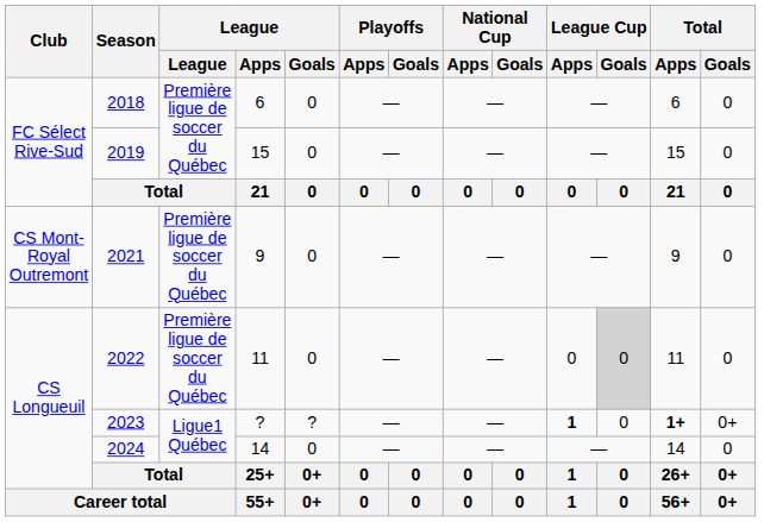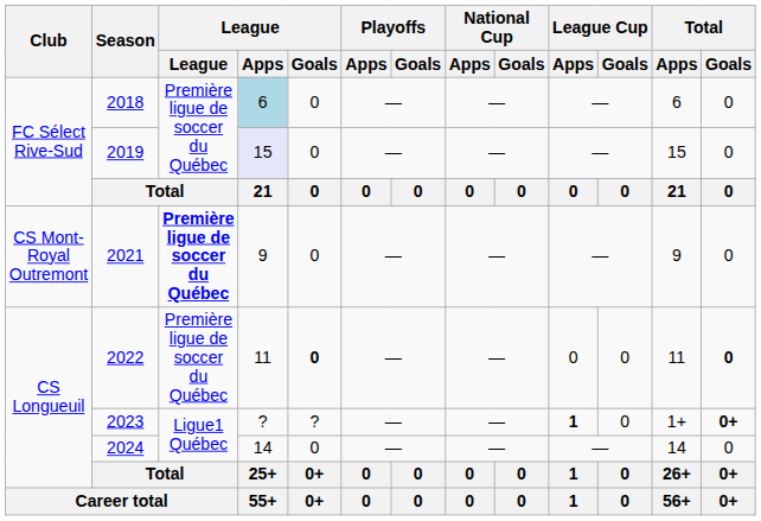 <table class="wikitable" style="text-align: center;">
 <tr>
 <th rowspan="2">Club</th>
 <th rowspan="2">Season</th>
 <th colspan="3">League</th>
 <th colspan="2">Playoffs</th>
 <th colspan="2">National Cup</th>
 <th colspan="2">League Cup</th>
 <th colspan="2">Total</th>
 </tr>
 <tr>
 <th>League</th>
 <th>Apps</th>
 <th>Goals</th>
 <th>Apps</th>
 <th>Goals</th>
 <th>Apps</th>
 <th>Goals</th>
 <th>Apps</th>
 <th>Goals</th>
 <th>Apps</th>
 <th>Goals</th>
 </tr>
 <tr>
 <td rowspan=3><a href='#'>FC Sélect Rive-Sud</a></td>
 <td><a href='#'>2018</a></td>
 <td rowspan=2><a href='#'>Première ligue de soccer du Québec</a></td>
-<td>6</td>
+<td style="background: lightblue;">6</td>
 <td>0</td>
 <td colspan="2">—</td>
 <td colspan="2">—</td>
 <td colspan="2">—</td>
 <td>6</td>
 <td>0</td>
 </tr>
 <tr>
 <td><a href='#'>2019</a></td>
-<td>15</td>
+<td style="background: lavender;">15</td>
 <td>0</td>
 <td colspan="2">—</td>
 <td colspan="2">—</td>
 <td colspan="2">—</td>
 <td>15</td>
 <td>0</td>
 </tr>
 <tr>
 <th colspan="2">Total</th>
 <th>21</th>
 <th>0</th>
 <th>0</th>
 <th>0</th>
 <th>0</th>
 <th>0</th>
 <th>0</th>
 <th>0</th>
 <th>21</th>
 <th>0</th>
 </tr>
 <tr>
 <td><a href='#'>CS Mont-Royal Outremont</a></td>
 <td><a href='#'>2021</a></td>
-<td><a href='#'>Première ligue de soccer du Québec</a></td>
+<td><strong><a href='#'>Première ligue de soccer du Québec</a></strong></td>
 <td>9</td>
 <td>0</td>
 <td colspan="2">—</td>
 <td colspan="2">—</td>
 <td colspan="2">—</td>
 <td>9</td>
 <td>0</td>
 </tr>
 <tr>
 <td rowspan=4><a href='#'>CS Longueuil</a></td>
 <td><a href='#'>2022</a></td>
 <td><a href='#'>Première ligue de soccer du Québec</a></td>
 <td>11</td>
-<td>0</td>
+<td><strong>0</strong></td>
 <td colspan="2">—</td>
 <td colspan="2">—</td>
 <td>0</td>
-<td style="background: lightgrey;">0</td>
+<td>0</td>
 <td>11</td>
-<td>0</td>
+<td><strong>0</strong></td>
 </tr>
 <tr>
 <td><a href='#'>2023</a></td>
 <td rowspan=2><a href='#'>Ligue1 Québec</a></td>
 <td>?</td>
 <td>?</td>
 <td colspan="2">—</td>
 <td colspan="2">—</td>
 <td><strong>1</strong></td>
 <td>0</td>
-<td><strong>1+</strong></td>
-<td>0+</td>
+<td>1+</td>
+<td><strong>0+</strong></td>
 </tr>
 <tr>
 <td><a href='#'>2024</a></td>
 <td>14</td>
 <td>0</td>
 <td colspan="2">—</td>
 <td colspan="2">—</td>
 <td colspan="2">—</td>
 <td>14</td>
 <td>0</td>
 </tr>
 <tr>
 <th colspan="2">Total</th>
 <th>25+</th>
 <th>0+</th>
 <th>0</th>
 <th>0</th>
 <th>0</th>
 <th>0</th>
 <th>1</th>
 <th>0</th>
 <th>26+</th>
 <th>0+</th>
 </tr>
 <tr>
 <th colspan="3">Career total</th>
 <th>55+</th>
 <th>0+</th>
 <th>0</th>
 <th>0</th>
 <th>0</th>
 <th>0</th>
 <th>1</th>
 <th>0</th>
 <th>56+</th>
 <th>0+</th>
 </tr>
 </table>
